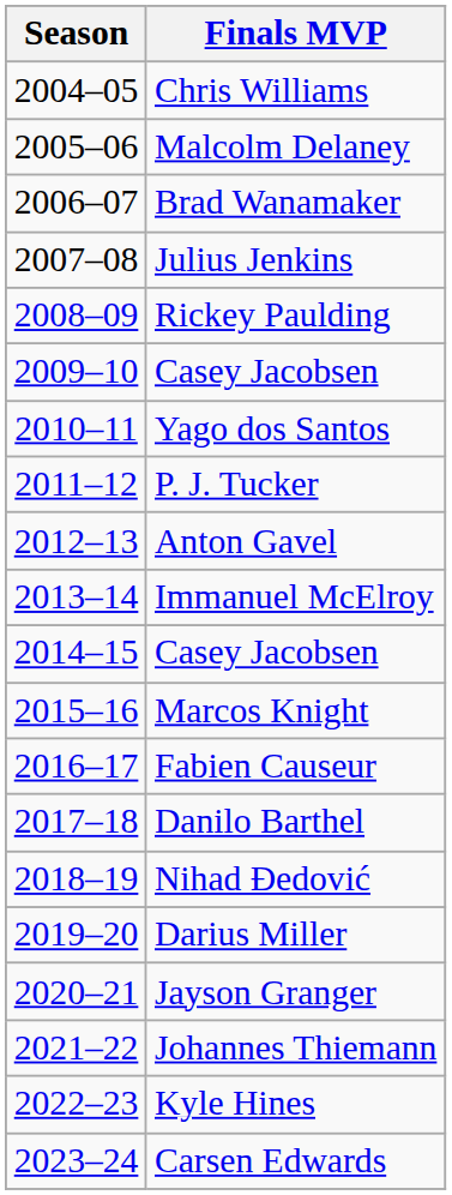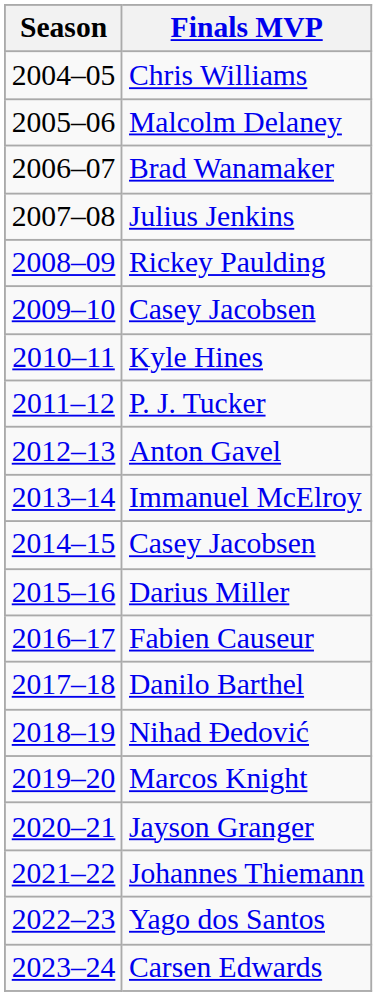 <table class="wikitable">
 <tr>
 <th>Season</th>
 <th><a href='#'>Finals MVP</a></th>
 </tr>
 <tr>
 <td align="center">2004–05</td>
 <td> <a href='#'>Chris Williams</a></td>
 </tr>
 <tr>
 <td align="center">2005–06</td>
 <td> <a href='#'>Malcolm Delaney</a></td>
 </tr>
 <tr>
 <td align="center">2006–07</td>
 <td> <a href='#'>Brad Wanamaker</a></td>
 </tr>
 <tr>
 <td align="center">2007–08</td>
 <td> <a href='#'>Julius Jenkins</a></td>
 </tr>
 <tr>
 <td align="center"><a href='#'>2008–09</a></td>
 <td> <a href='#'>Rickey Paulding</a></td>
 </tr>
 <tr>
 <td align="center"><a href='#'>2009–10</a></td>
 <td> <a href='#'>Casey Jacobsen</a></td>
 </tr>
 <tr>
 <td align="center"><a href='#'>2010–11</a></td>
-<td> <a href='#'>Yago dos Santos</a></td>
+<td> <a href='#'>Kyle Hines</a></td>
 </tr>
 <tr>
 <td align="center"><a href='#'>2011–12</a></td>
 <td> <a href='#'>P. J. Tucker</a></td>
 </tr>
 <tr>
 <td align="center"><a href='#'>2012–13</a></td>
 <td> <a href='#'>Anton Gavel</a></td>
 </tr>
 <tr>
 <td align="center"><a href='#'>2013–14</a></td>
 <td> <a href='#'>Immanuel McElroy</a></td>
 </tr>
 <tr>
 <td align="center"><a href='#'>2014–15</a></td>
 <td> <a href='#'>Casey Jacobsen</a></td>
 </tr>
 <tr>
 <td align="center"><a href='#'>2015–16</a></td>
-<td> <a href='#'>Marcos Knight</a></td>
+<td> <a href='#'>Darius Miller</a></td>
 </tr>
 <tr>
 <td align="center"><a href='#'>2016–17</a></td>
 <td> <a href='#'>Fabien Causeur</a></td>
 </tr>
 <tr>
 <td align="center"><a href='#'>2017–18</a></td>
 <td> <a href='#'>Danilo Barthel</a></td>
 </tr>
 <tr>
 <td align="center"><a href='#'>2018–19</a></td>
 <td> <a href='#'>Nihad Đedović</a></td>
 </tr>
 <tr>
 <td align="center"><a href='#'>2019–20</a></td>
-<td> <a href='#'>Darius Miller</a></td>
+<td> <a href='#'>Marcos Knight</a></td>
 </tr>
 <tr>
 <td align="center"><a href='#'>2020–21</a></td>
 <td> <a href='#'>Jayson Granger</a></td>
 </tr>
 <tr>
 <td align="center"><a href='#'>2021–22</a></td>
 <td> <a href='#'>Johannes Thiemann</a></td>
 </tr>
 <tr>
 <td align="center"><a href='#'>2022–23</a></td>
-<td> <a href='#'>Kyle Hines</a></td>
+<td> <a href='#'>Yago dos Santos</a></td>
 </tr>
 <tr>
 <td align="center"><a href='#'>2023–24</a></td>
 <td> <a href='#'>Carsen Edwards</a></td>
 </tr>
 </table>
